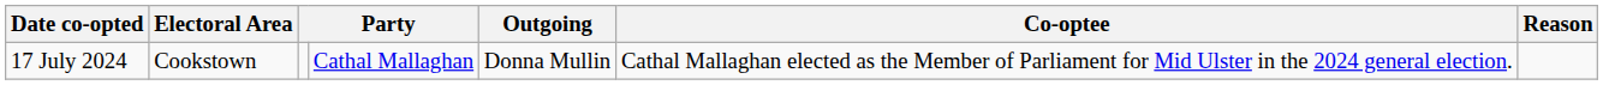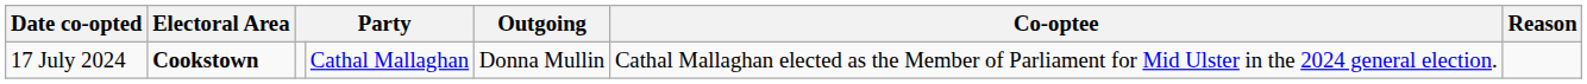 <table class="wikitable" style="font-size: 95%; font-size: 95%">
 <tr>
 <th>Date co-opted</th>
 <th>Electoral Area</th>
 <th colspan="2">Party</th>
 <th>Outgoing</th>
 <th>Co-optee</th>
 <th>Reason</th>
 </tr>
 <tr>
 <td>17 July 2024</td>
-<td>Cookstown</td>
+<td><strong>Cookstown</strong></td>
 <td></td>
 <td><a href='#'>Cathal Mallaghan</a></td>
 <td>Donna Mullin</td>
 <td>Cathal Mallaghan elected as the Member of Parliament for <a href='#'>Mid Ulster</a> in the <a href='#'>2024 general election</a>.</td>
 </tr>
 </table>
